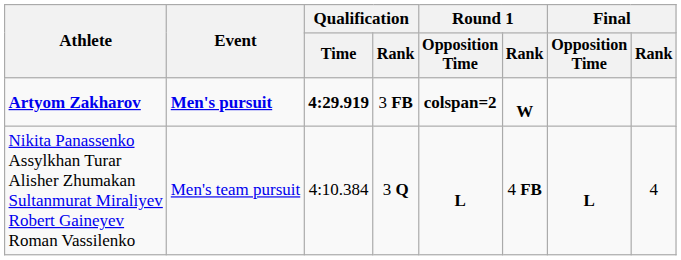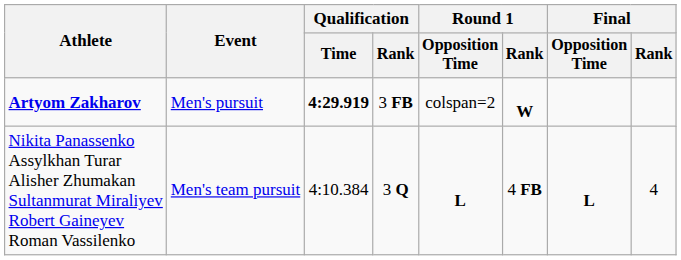 <table class=wikitable style=font-size:90%;text-align:center>
 <tr>
 <th rowspan="2">Athlete</th>
 <th rowspan="2">Event</th>
 <th colspan=2>Qualification</th>
 <th colspan=2>Round 1</th>
 <th colspan=2>Final</th>
 </tr>
 <tr style="font-size:95%">
 <th>Time</th>
 <th>Rank</th>
 <th>Opposition<br>Time</th>
 <th>Rank</th>
 <th>Opposition<br>Time</th>
 <th>Rank</th>
 </tr>
 <tr>
 <td align=left><strong><a href='#'>Artyom Zakharov</a></strong></td>
-<td align=left><strong><a href='#'>Men's pursuit</a></strong></td>
+<td align=left><a href='#'>Men's pursuit</a></td>
 <td><strong>4:29.919</strong></td>
 <td>3 <strong>FB</strong></td>
-<td><strong>colspan=2 </strong></td>
+<td>colspan=2 </td>
 <td><br><strong>W</strong></td>
 <td></td>
 </tr>
 <tr>
 <td align=left><a href='#'>Nikita Panassenko</a><br>Assylkhan Turar<br>Alisher Zhumakan<br><a href='#'>Sultanmurat Miraliyev</a><br><a href='#'>Robert Gaineyev</a><br>Roman Vassilenko</td>
 <td align=left><a href='#'>Men's team pursuit</a></td>
 <td>4:10.384</td>
 <td>3 <strong>Q</strong></td>
 <td><br><strong>L</strong></td>
 <td>4 <strong>FB</strong></td>
 <td><br><strong>L</strong></td>
 <td>4</td>
 </tr>
 </table>
